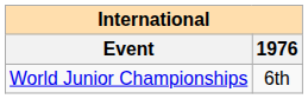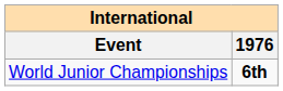 <table class="wikitable" style="text-align:center">
 <tr>
 <th style="background-color: #ffdead; " colspan=2 align=center><strong>International</strong></th>
 </tr>
 <tr>
 <th>Event</th>
 <th>1976</th>
 </tr>
 <tr>
 <td align=left><a href='#'>World Junior Championships</a></td>
-<td>6th</td>
+<td><strong>6th</strong></td>
 </tr>
 </table>
